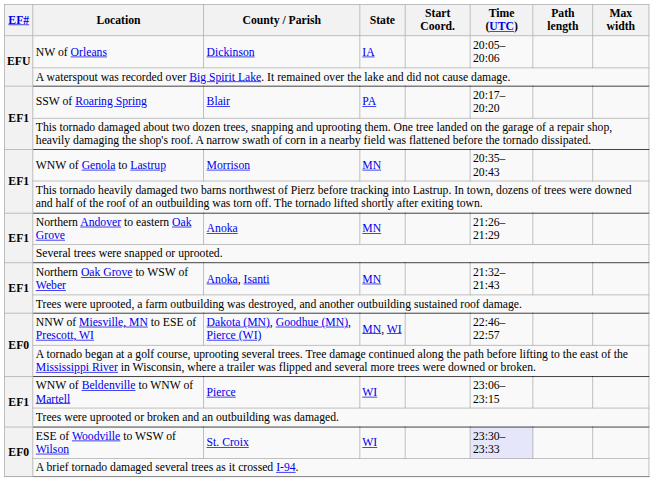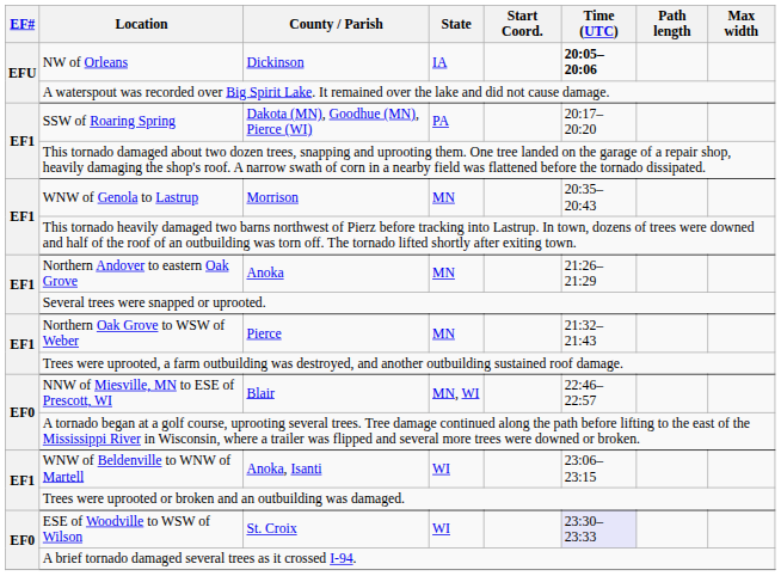 <table class="wikitable sortable" style="width:100%;">
 <tr>
 <th scope="col" width="2%" align="center"><a href='#'>EF#</a></th>
 <th scope="col" align="center" class="unsortable">Location</th>
 <th scope="col" align="center" class="unsortable">County / Parish</th>
 <th scope="col" align="center">State</th>
 <th scope="col" align="center">Start Coord.</th>
 <th scope="col" align="center">Time (<a href='#'>UTC</a>)</th>
 <th scope="col" align="center">Path length</th>
 <th scope="col" align="center">Max width</th>
 </tr>
 <tr>
 <th scope="row" rowspan="2" style="background-color:#">EFU</th>
 <td>NW of <a href='#'>Orleans</a></td>
 <td><a href='#'>Dickinson</a></td>
 <td><a href='#'>IA</a></td>
 <td></td>
-<td>20:05–20:06</td>
+<td><strong>20:05–20:06</strong></td>
 <td></td>
 <td></td>
 </tr>
 <tr class="expand-child">
 <td colspan="8" style=" border-bottom: 1px solid black;">A waterspout was recorded over <a href='#'>Big Spirit Lake</a>. It remained over the lake and did not cause damage.</td>
 </tr>
 <tr>
 <th scope="row" rowspan="2" style="background-color:#">EF1</th>
 <td>SSW of <a href='#'>Roaring Spring</a></td>
-<td><a href='#'>Blair</a></td>
+<td><a href='#'>Dakota (MN)</a>, <a href='#'>Goodhue (MN)</a>, <a href='#'>Pierce (WI)</a></td>
 <td><a href='#'>PA</a></td>
 <td></td>
 <td>20:17–20:20</td>
 <td></td>
 <td></td>
 </tr>
 <tr class="expand-child">
 <td colspan="8" style=" border-bottom: 1px solid black;">This tornado damaged about two dozen trees, snapping and uprooting them. One tree landed on the garage of a repair shop, heavily damaging the shop's roof. A narrow swath of corn in a nearby field was flattened before the tornado dissipated.</td>
 </tr>
 <tr>
 <th scope="row" rowspan="2" style="background-color:#">EF1</th>
 <td>WNW of <a href='#'>Genola</a> to <a href='#'>Lastrup</a></td>
 <td><a href='#'>Morrison</a></td>
 <td><a href='#'>MN</a></td>
 <td></td>
 <td>20:35–20:43</td>
 <td></td>
 <td></td>
 </tr>
 <tr class="expand-child">
 <td colspan="8" style=" border-bottom: 1px solid black;">This tornado heavily damaged two barns northwest of Pierz before tracking into Lastrup. In town, dozens of trees were downed and half of the roof of an outbuilding was torn off. The tornado lifted shortly after exiting town.</td>
 </tr>
 <tr>
 <th scope="row" rowspan="2" style="background-color:#">EF1</th>
 <td>Northern <a href='#'>Andover</a> to eastern <a href='#'>Oak Grove</a></td>
 <td><a href='#'>Anoka</a></td>
 <td><a href='#'>MN</a></td>
 <td></td>
 <td>21:26–21:29</td>
 <td></td>
 <td></td>
 </tr>
 <tr class="expand-child">
 <td colspan="8" style=" border-bottom: 1px solid black;">Several trees were snapped or uprooted.</td>
 </tr>
 <tr>
 <th scope="row" rowspan="2" style="background-color:#">EF1</th>
 <td>Northern <a href='#'>Oak Grove</a> to WSW of <a href='#'>Weber</a></td>
-<td><a href='#'>Anoka</a>, <a href='#'>Isanti</a></td>
+<td><a href='#'>Pierce</a></td>
 <td><a href='#'>MN</a></td>
 <td></td>
 <td>21:32–21:43</td>
 <td></td>
 <td></td>
 </tr>
 <tr class="expand-child">
 <td colspan="8" style=" border-bottom: 1px solid black;">Trees were uprooted, a farm outbuilding was destroyed, and another outbuilding sustained roof damage.</td>
 </tr>
 <tr>
 <th scope="row" rowspan="2" style="background-color:#">EF0</th>
 <td>NNW of <a href='#'>Miesville, MN</a> to ESE of <a href='#'>Prescott, WI</a></td>
-<td><a href='#'>Dakota (MN)</a>, <a href='#'>Goodhue (MN)</a>, <a href='#'>Pierce (WI)</a></td>
+<td><a href='#'>Blair</a></td>
 <td><a href='#'>MN</a>, <a href='#'>WI</a></td>
 <td></td>
 <td>22:46–22:57</td>
 <td></td>
 <td></td>
 </tr>
 <tr class="expand-child">
 <td colspan="8" style=" border-bottom: 1px solid black;">A tornado began at a golf course, uprooting several trees. Tree damage continued along the path before lifting to the east of the <a href='#'>Mississippi River</a> in Wisconsin, where a trailer was flipped and several more trees were downed or broken.</td>
 </tr>
 <tr>
 <th scope="row" rowspan="2" style="background-color:#">EF1</th>
 <td>WNW of <a href='#'>Beldenville</a> to WNW of <a href='#'>Martell</a></td>
-<td><a href='#'>Pierce</a></td>
+<td><a href='#'>Anoka</a>, <a href='#'>Isanti</a></td>
 <td><a href='#'>WI</a></td>
 <td></td>
 <td>23:06–23:15</td>
 <td></td>
 <td></td>
 </tr>
 <tr class="expand-child">
 <td colspan="8" style=" border-bottom: 1px solid black;">Trees were uprooted or broken and an outbuilding was damaged.</td>
 </tr>
 <tr>
 <th scope="row" rowspan="2" style="background-color:#">EF0</th>
 <td>ESE of <a href='#'>Woodville</a> to WSW of <a href='#'>Wilson</a></td>
 <td><a href='#'>St. Croix</a></td>
 <td><a href='#'>WI</a></td>
 <td></td>
 <td style="background: lavender;">23:30–23:33</td>
 <td></td>
 <td></td>
 </tr>
 <tr class="expand-child">
 <td colspan="8" style=" border-bottom: 1px solid black;">A brief tornado damaged several trees as it crossed <a href='#'>I-94</a>.</td>
 </tr>
 <tr>
 </tr>
 </table>
